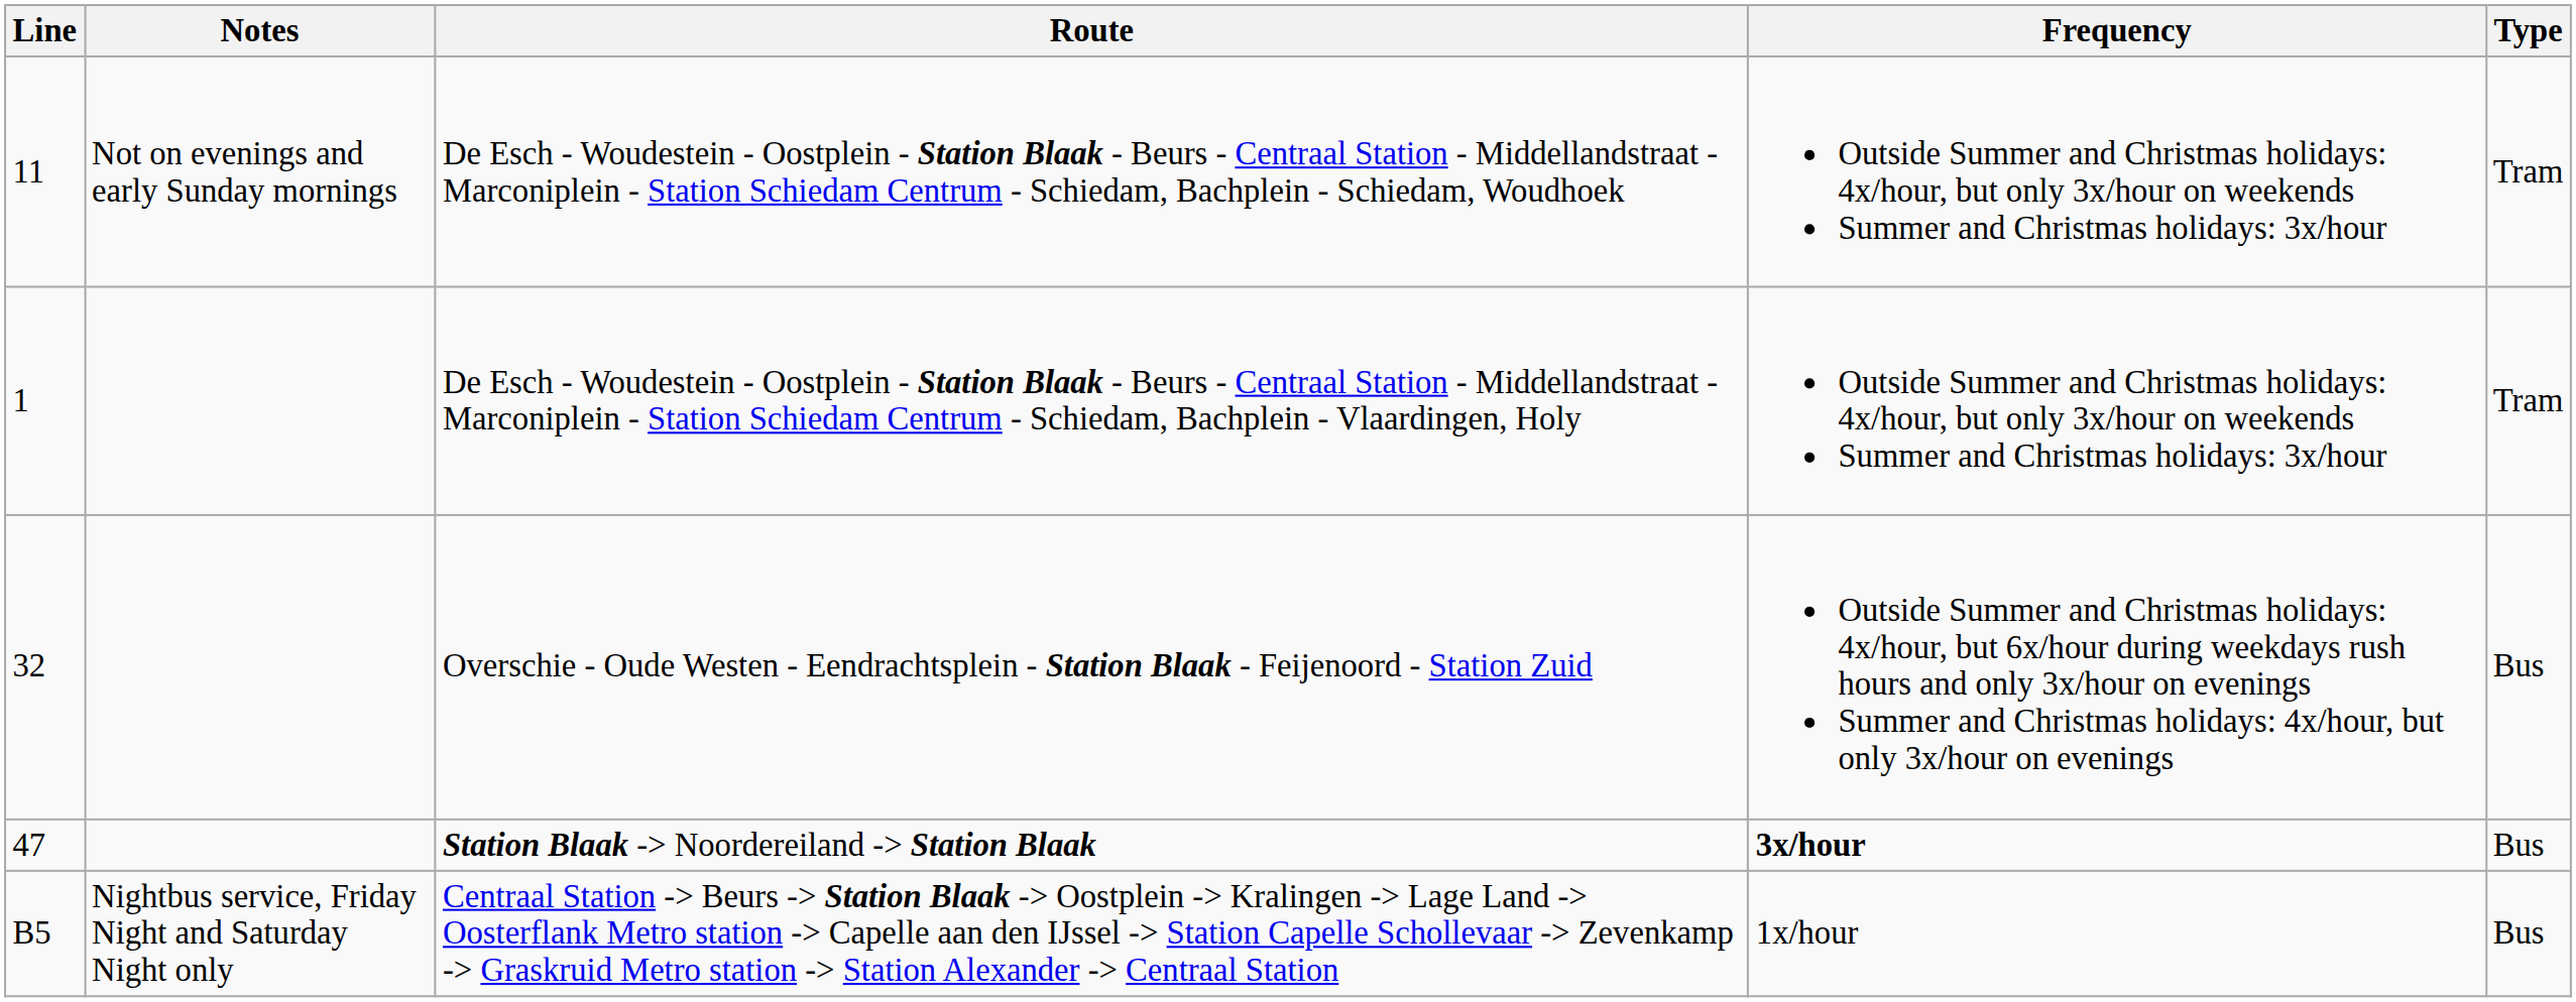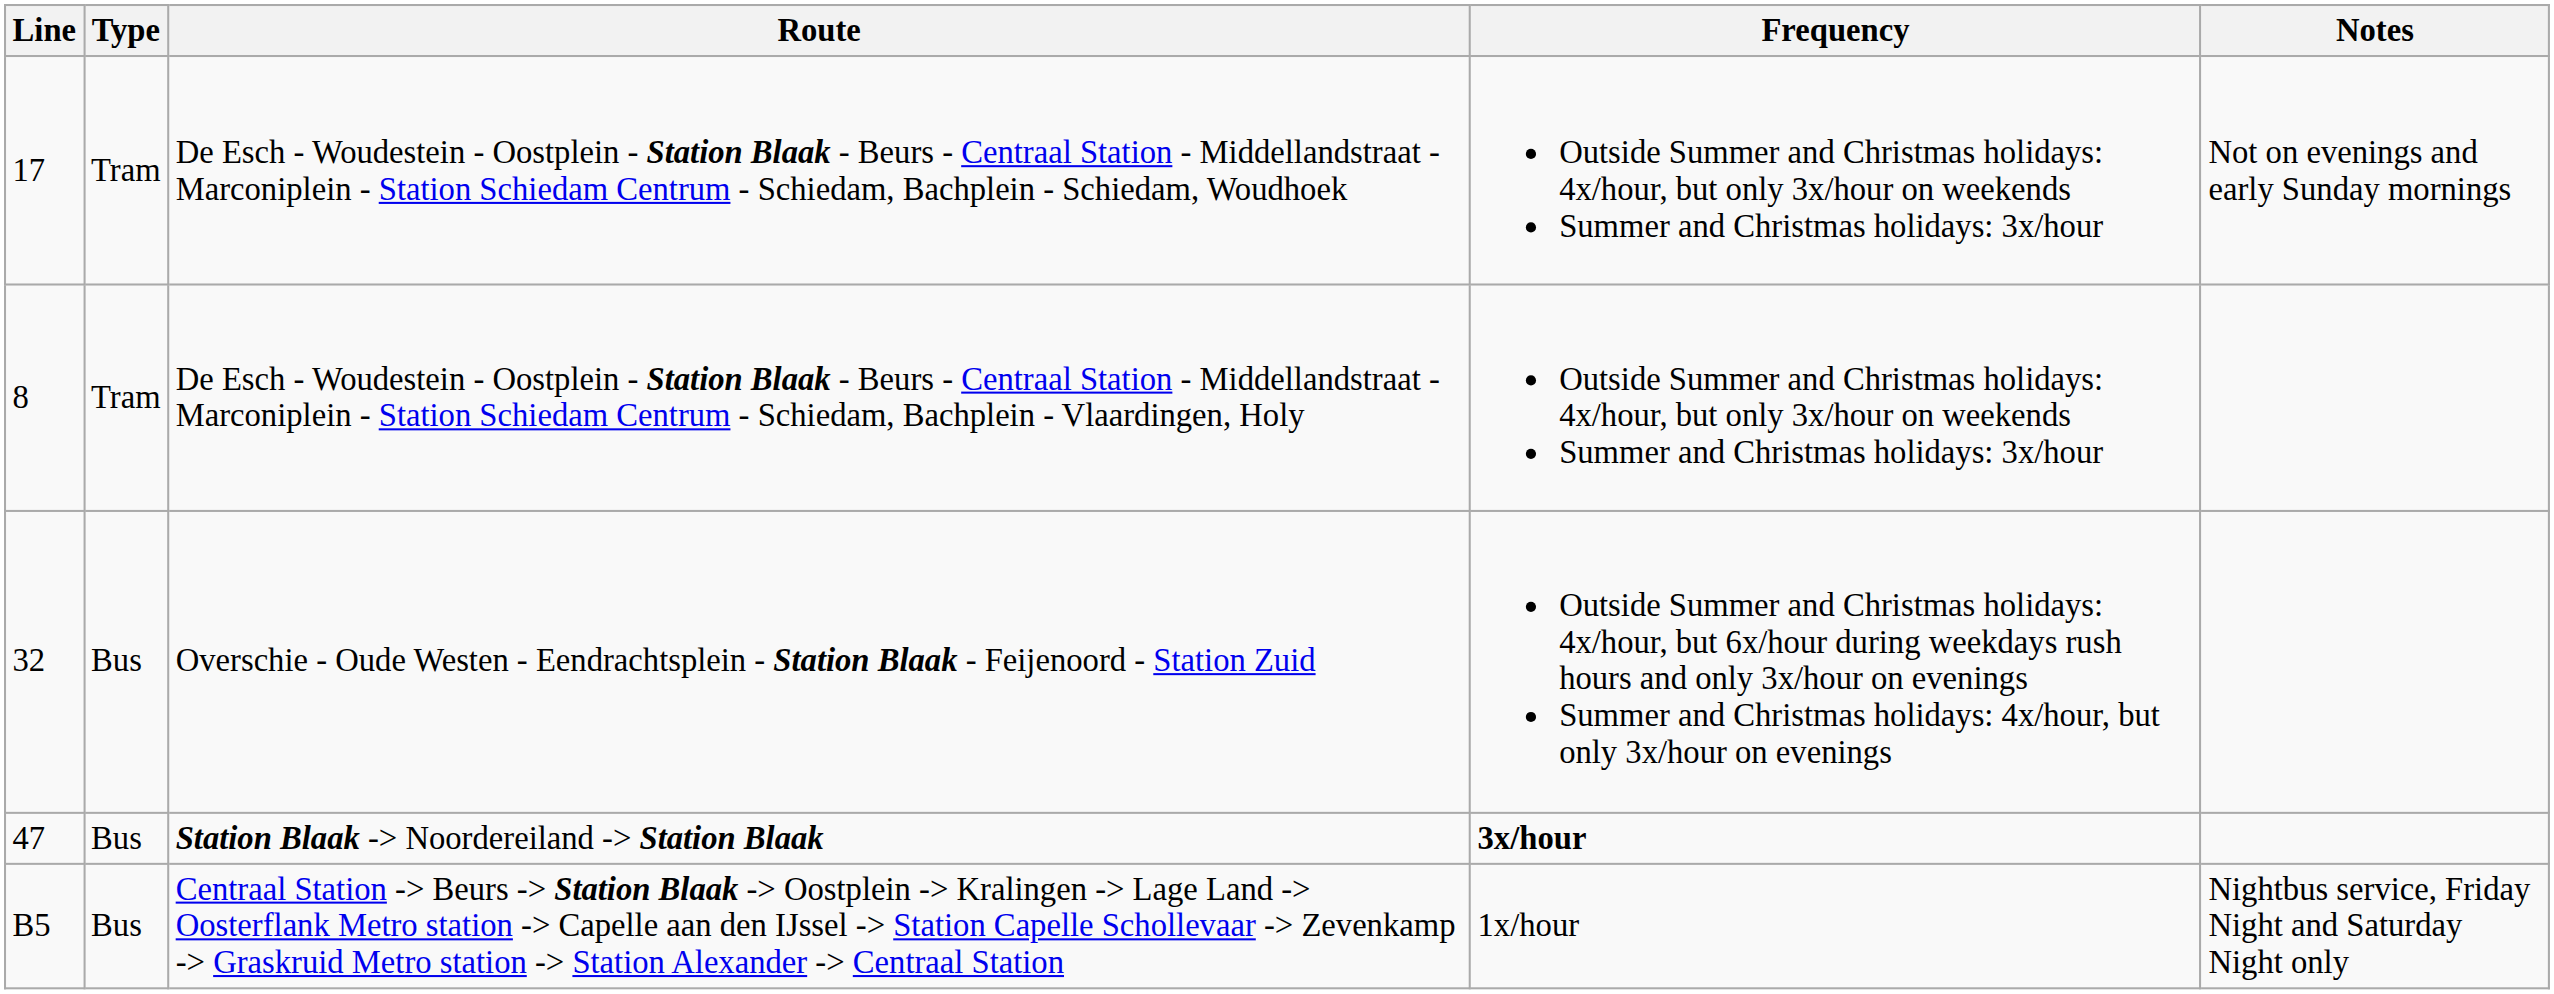 <table class="wikitable vatop">
 <tr>
 <th>Line</th>
-<th>Notes</th>
+<th>Type</th>
 <th>Route</th>
 <th>Frequency</th>
-<th>Type</th>
+<th>Notes</th>
 </tr>
 <tr>
-<td>11</td>
-<td>Not on evenings and early Sunday mornings</td>
+<td>17</td>
+<td>Tram</td>
 <td>De Esch - Woudestein - Oostplein - <strong><em>Station Blaak</em></strong> - Beurs - <a href='#'>Centraal Station</a> - Middellandstraat - Marconiplein - <a href='#'>Station Schiedam Centrum</a> - Schiedam, Bachplein - Schiedam, Woudhoek</td>
 <td><br><ul><li>Outside Summer and Christmas holidays: 4x/hour, but only 3x/hour on weekends</li><li>Summer and Christmas holidays: 3x/hour</li></ul></td>
-<td>Tram</td>
+<td>Not on evenings and early Sunday mornings</td>
 </tr>
 <tr>
-<td>1</td>
-<td></td>
+<td>8</td>
+<td>Tram</td>
 <td>De Esch - Woudestein - Oostplein - <strong><em>Station Blaak</em></strong> - Beurs - <a href='#'>Centraal Station</a> - Middellandstraat - Marconiplein - <a href='#'>Station Schiedam Centrum</a> - Schiedam, Bachplein - Vlaardingen, Holy</td>
 <td><br><ul><li>Outside Summer and Christmas holidays: 4x/hour, but only 3x/hour on weekends</li><li>Summer and Christmas holidays: 3x/hour</li></ul></td>
-<td>Tram</td>
+<td></td>
 </tr>
 <tr>
 <td>32</td>
-<td></td>
+<td>Bus</td>
 <td>Overschie - Oude Westen - Eendrachtsplein - <strong><em>Station Blaak</em></strong> - Feijenoord - <a href='#'>Station Zuid</a></td>
 <td><br><ul><li>Outside Summer and Christmas holidays: 4x/hour, but 6x/hour during weekdays rush hours and only 3x/hour on evenings</li><li>Summer and Christmas holidays: 4x/hour, but only 3x/hour on evenings</li></ul></td>
-<td>Bus</td>
+<td></td>
 </tr>
 <tr>
 <td>47</td>
-<td></td>
+<td>Bus</td>
 <td><strong><em>Station Blaak</em></strong> -> Noordereiland -> <strong><em>Station Blaak</em></strong></td>
 <td><strong>3x/hour</strong></td>
-<td>Bus</td>
+<td></td>
 </tr>
 <tr>
 <td>B5</td>
-<td>Nightbus service, Friday Night and Saturday Night only</td>
+<td>Bus</td>
 <td><a href='#'>Centraal Station</a> -> Beurs -> <strong><em>Station Blaak</em></strong> -> Oostplein -> Kralingen -> Lage Land -> <a href='#'>Oosterflank Metro station</a> -> Capelle aan den IJssel -> <a href='#'>Station Capelle Schollevaar</a> -> Zevenkamp -> <a href='#'>Graskruid Metro station</a> -> <a href='#'>Station Alexander</a> -> <a href='#'>Centraal Station</a></td>
 <td>1x/hour</td>
-<td>Bus</td>
+<td>Nightbus service, Friday Night and Saturday Night only</td>
 </tr>
 </table>
